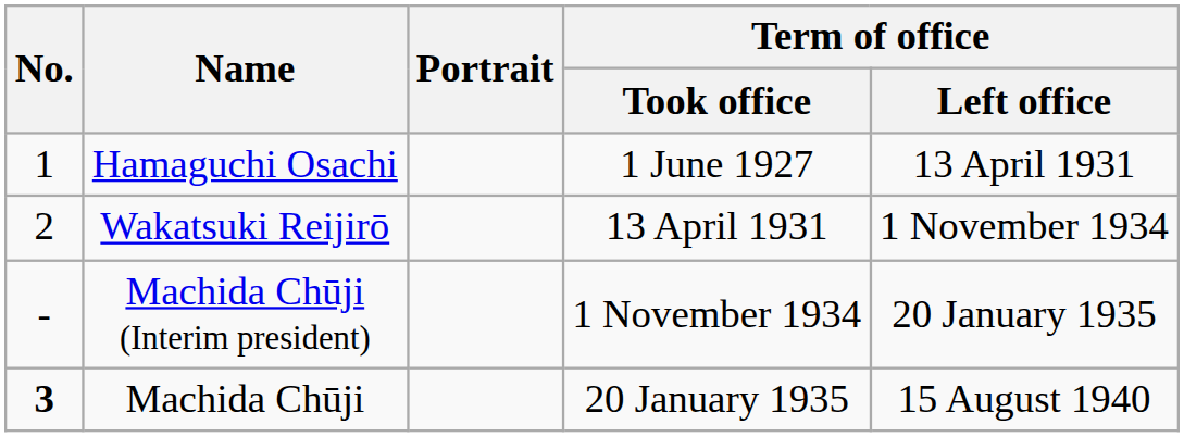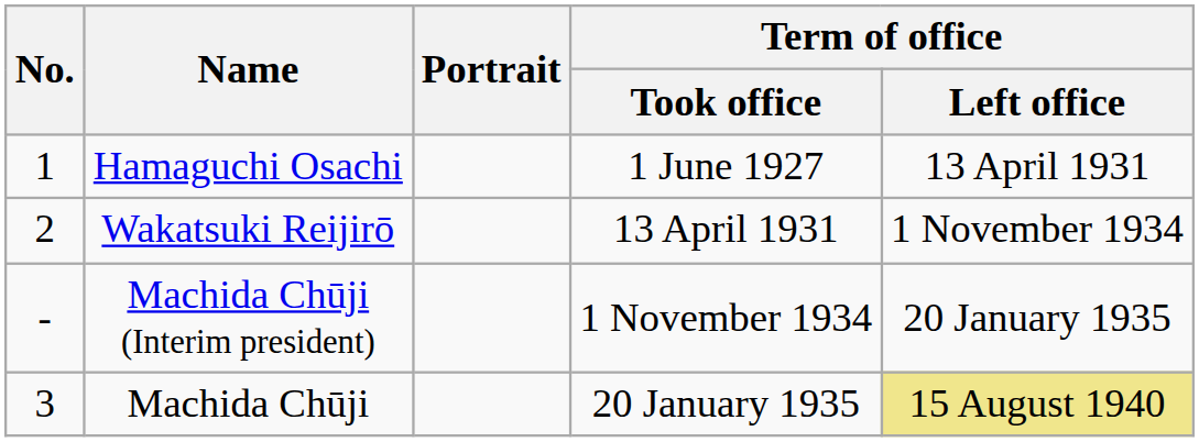 <table class="wikitable"  style="text-align:center">
 <tr>
 <th scope="col" rowspan="2">No.</th>
 <th scope="col" rowspan="2">Name</th>
 <th scope="col" rowspan="2">Portrait</th>
 <th scope="col" colspan="2">Term of office</th>
 </tr>
 <tr>
 <th scope="col">Took office</th>
 <th scope="col">Left office</th>
 </tr>
 <tr>
 <td>1</td>
 <td><a href='#'>Hamaguchi Osachi</a></td>
 <td></td>
 <td>1 June 1927</td>
 <td>13 April 1931</td>
 </tr>
 <tr>
 <td>2</td>
 <td><a href='#'>Wakatsuki Reijirō</a></td>
 <td></td>
 <td>13 April 1931</td>
 <td>1 November 1934</td>
 </tr>
 <tr>
 <td>-</td>
 <td><a href='#'>Machida Chūji</a><br><small>(Interim president)</small></td>
 <td></td>
 <td>1 November 1934</td>
 <td>20 January 1935</td>
 </tr>
 <tr>
-<td><strong>3</strong></td>
+<td>3</td>
 <td>Machida Chūji</td>
 <td></td>
 <td>20 January 1935</td>
-<td>15 August 1940</td>
+<td style="background: khaki;">15 August 1940</td>
 </tr>
 </table>
